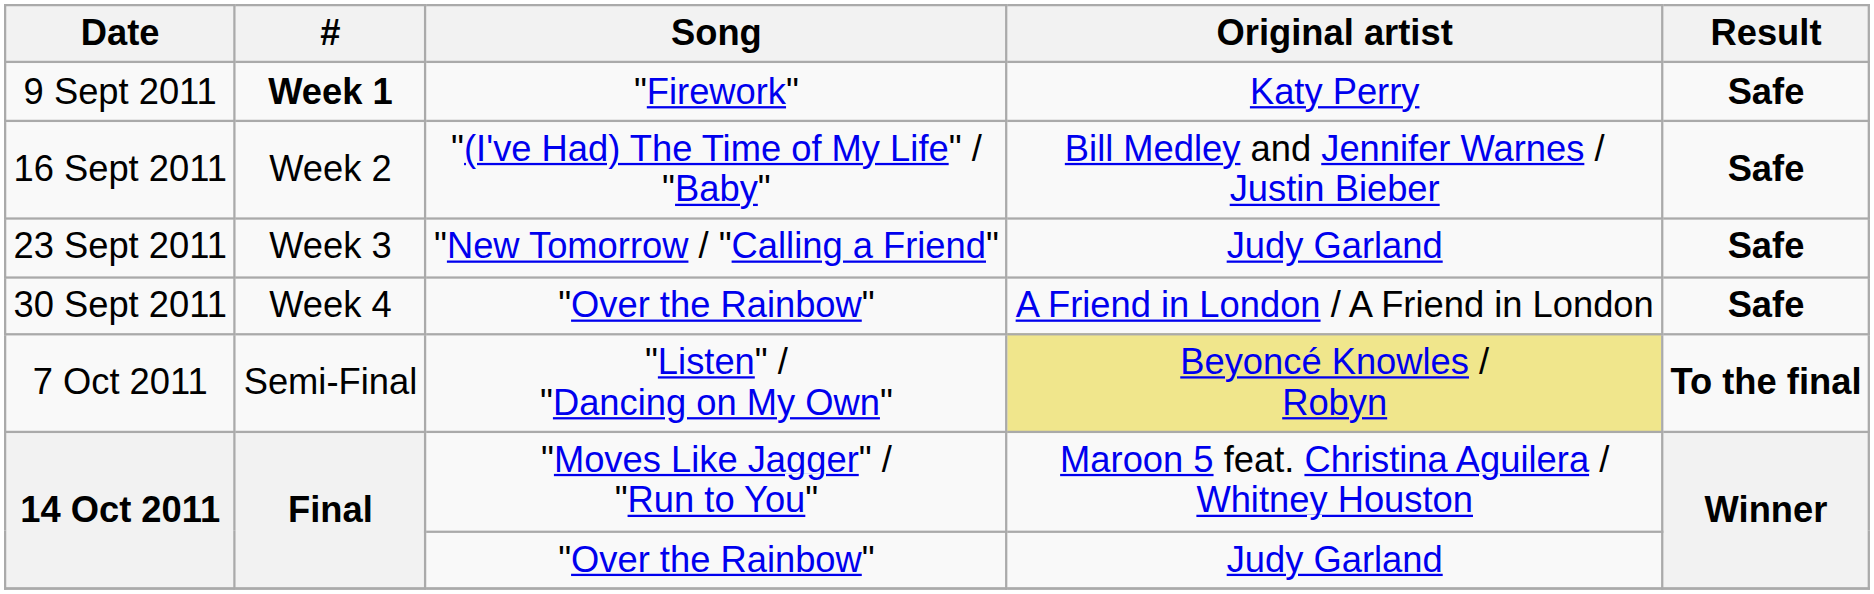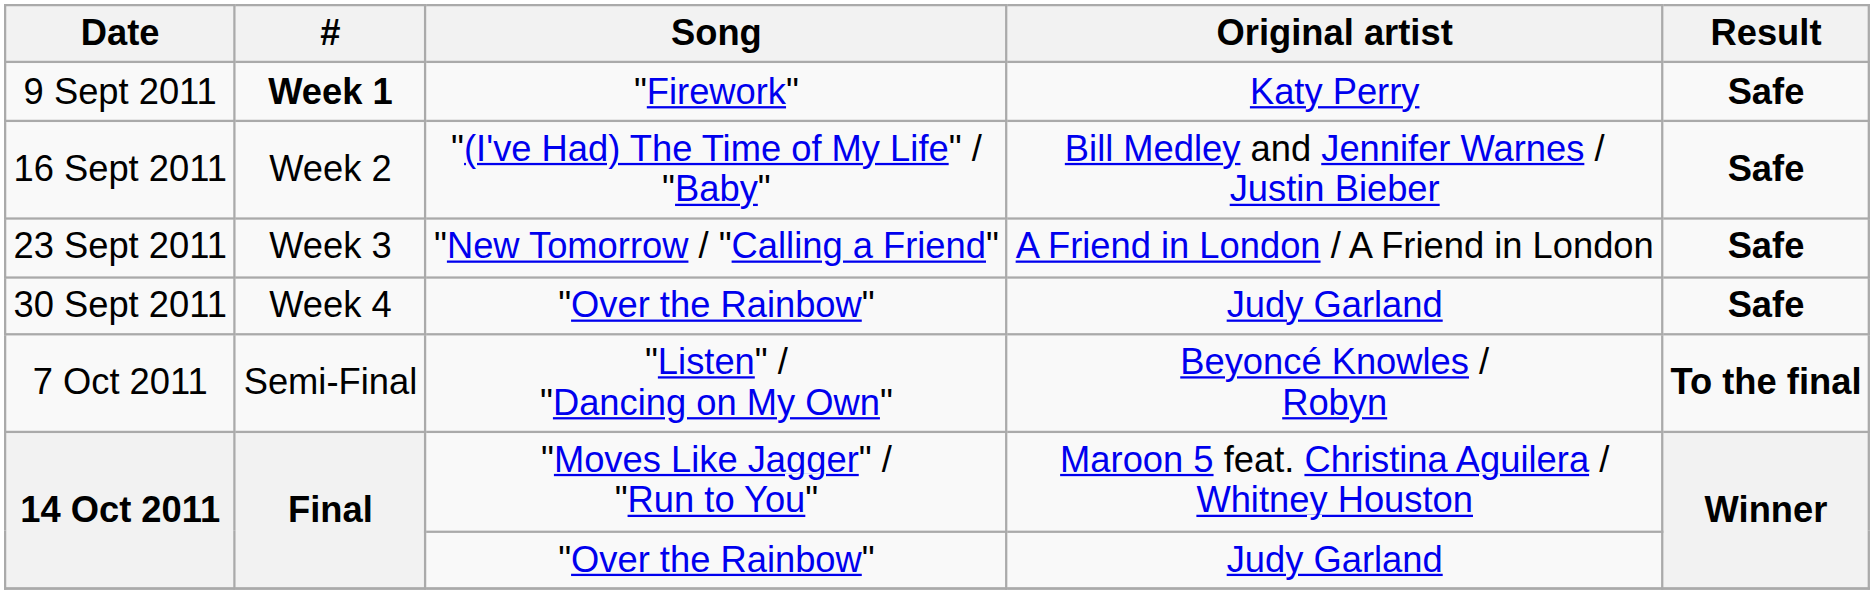 <table class="wikitable" style="text-align:center;">
 <tr>
 <th scope="col">Date</th>
 <th scope="col">#</th>
 <th scope="col">Song</th>
 <th scope="col">Original artist</th>
 <th scope="col">Result</th>
 </tr>
 <tr>
 <td>9 Sept 2011</td>
 <td><strong>Week 1</strong></td>
 <td>"<a href='#'>Firework</a>"</td>
 <td><a href='#'>Katy Perry</a></td>
 <td><strong>Safe</strong></td>
 </tr>
 <tr>
 <td>16 Sept 2011</td>
 <td>Week 2</td>
 <td>"<a href='#'>(I've Had) The Time of My Life</a>" / <br>"<a href='#'>Baby</a>"</td>
 <td><a href='#'>Bill Medley</a> and <a href='#'>Jennifer Warnes</a> / <br><a href='#'>Justin Bieber</a></td>
 <td><strong>Safe</strong></td>
 </tr>
 <tr>
 <td>23 Sept 2011</td>
 <td>Week 3</td>
 <td>"<a href='#'>New Tomorrow</a> / "<a href='#'>Calling a Friend</a>"</td>
-<td><a href='#'>Judy Garland</a></td>
+<td><a href='#'>A Friend in London</a> / A Friend in London</td>
 <td><strong>Safe</strong></td>
 </tr>
 <tr>
 <td>30 Sept 2011</td>
 <td>Week 4</td>
 <td>"<a href='#'>Over the Rainbow</a>"</td>
-<td><a href='#'>A Friend in London</a> / A Friend in London</td>
+<td><a href='#'>Judy Garland</a></td>
 <td><strong>Safe</strong></td>
 </tr>
 <tr>
 <td>7 Oct 2011</td>
 <td>Semi-Final</td>
 <td>"<a href='#'>Listen</a>" /<br> "<a href='#'>Dancing on My Own</a>"</td>
-<td style="background: khaki;"><a href='#'>Beyoncé Knowles</a> /<br> <a href='#'>Robyn</a></td>
+<td><a href='#'>Beyoncé Knowles</a> /<br> <a href='#'>Robyn</a></td>
 <td><strong>To the final</strong></td>
 </tr>
 <tr>
 <th rowspan="2">14 Oct 2011</th>
 <th rowspan="2">Final</th>
 <td>"<a href='#'>Moves Like Jagger</a>" /<br> "<a href='#'>Run to You</a>"</td>
 <td><a href='#'>Maroon 5</a> feat. <a href='#'>Christina Aguilera</a> /<br> <a href='#'>Whitney Houston</a></td>
 <th rowspan="2"><strong>Winner</strong></th>
 </tr>
 <tr>
 <td>"<a href='#'>Over the Rainbow</a>"</td>
 <td><a href='#'>Judy Garland</a></td>
 </tr>
 <tr>
 </tr>
 </table>
